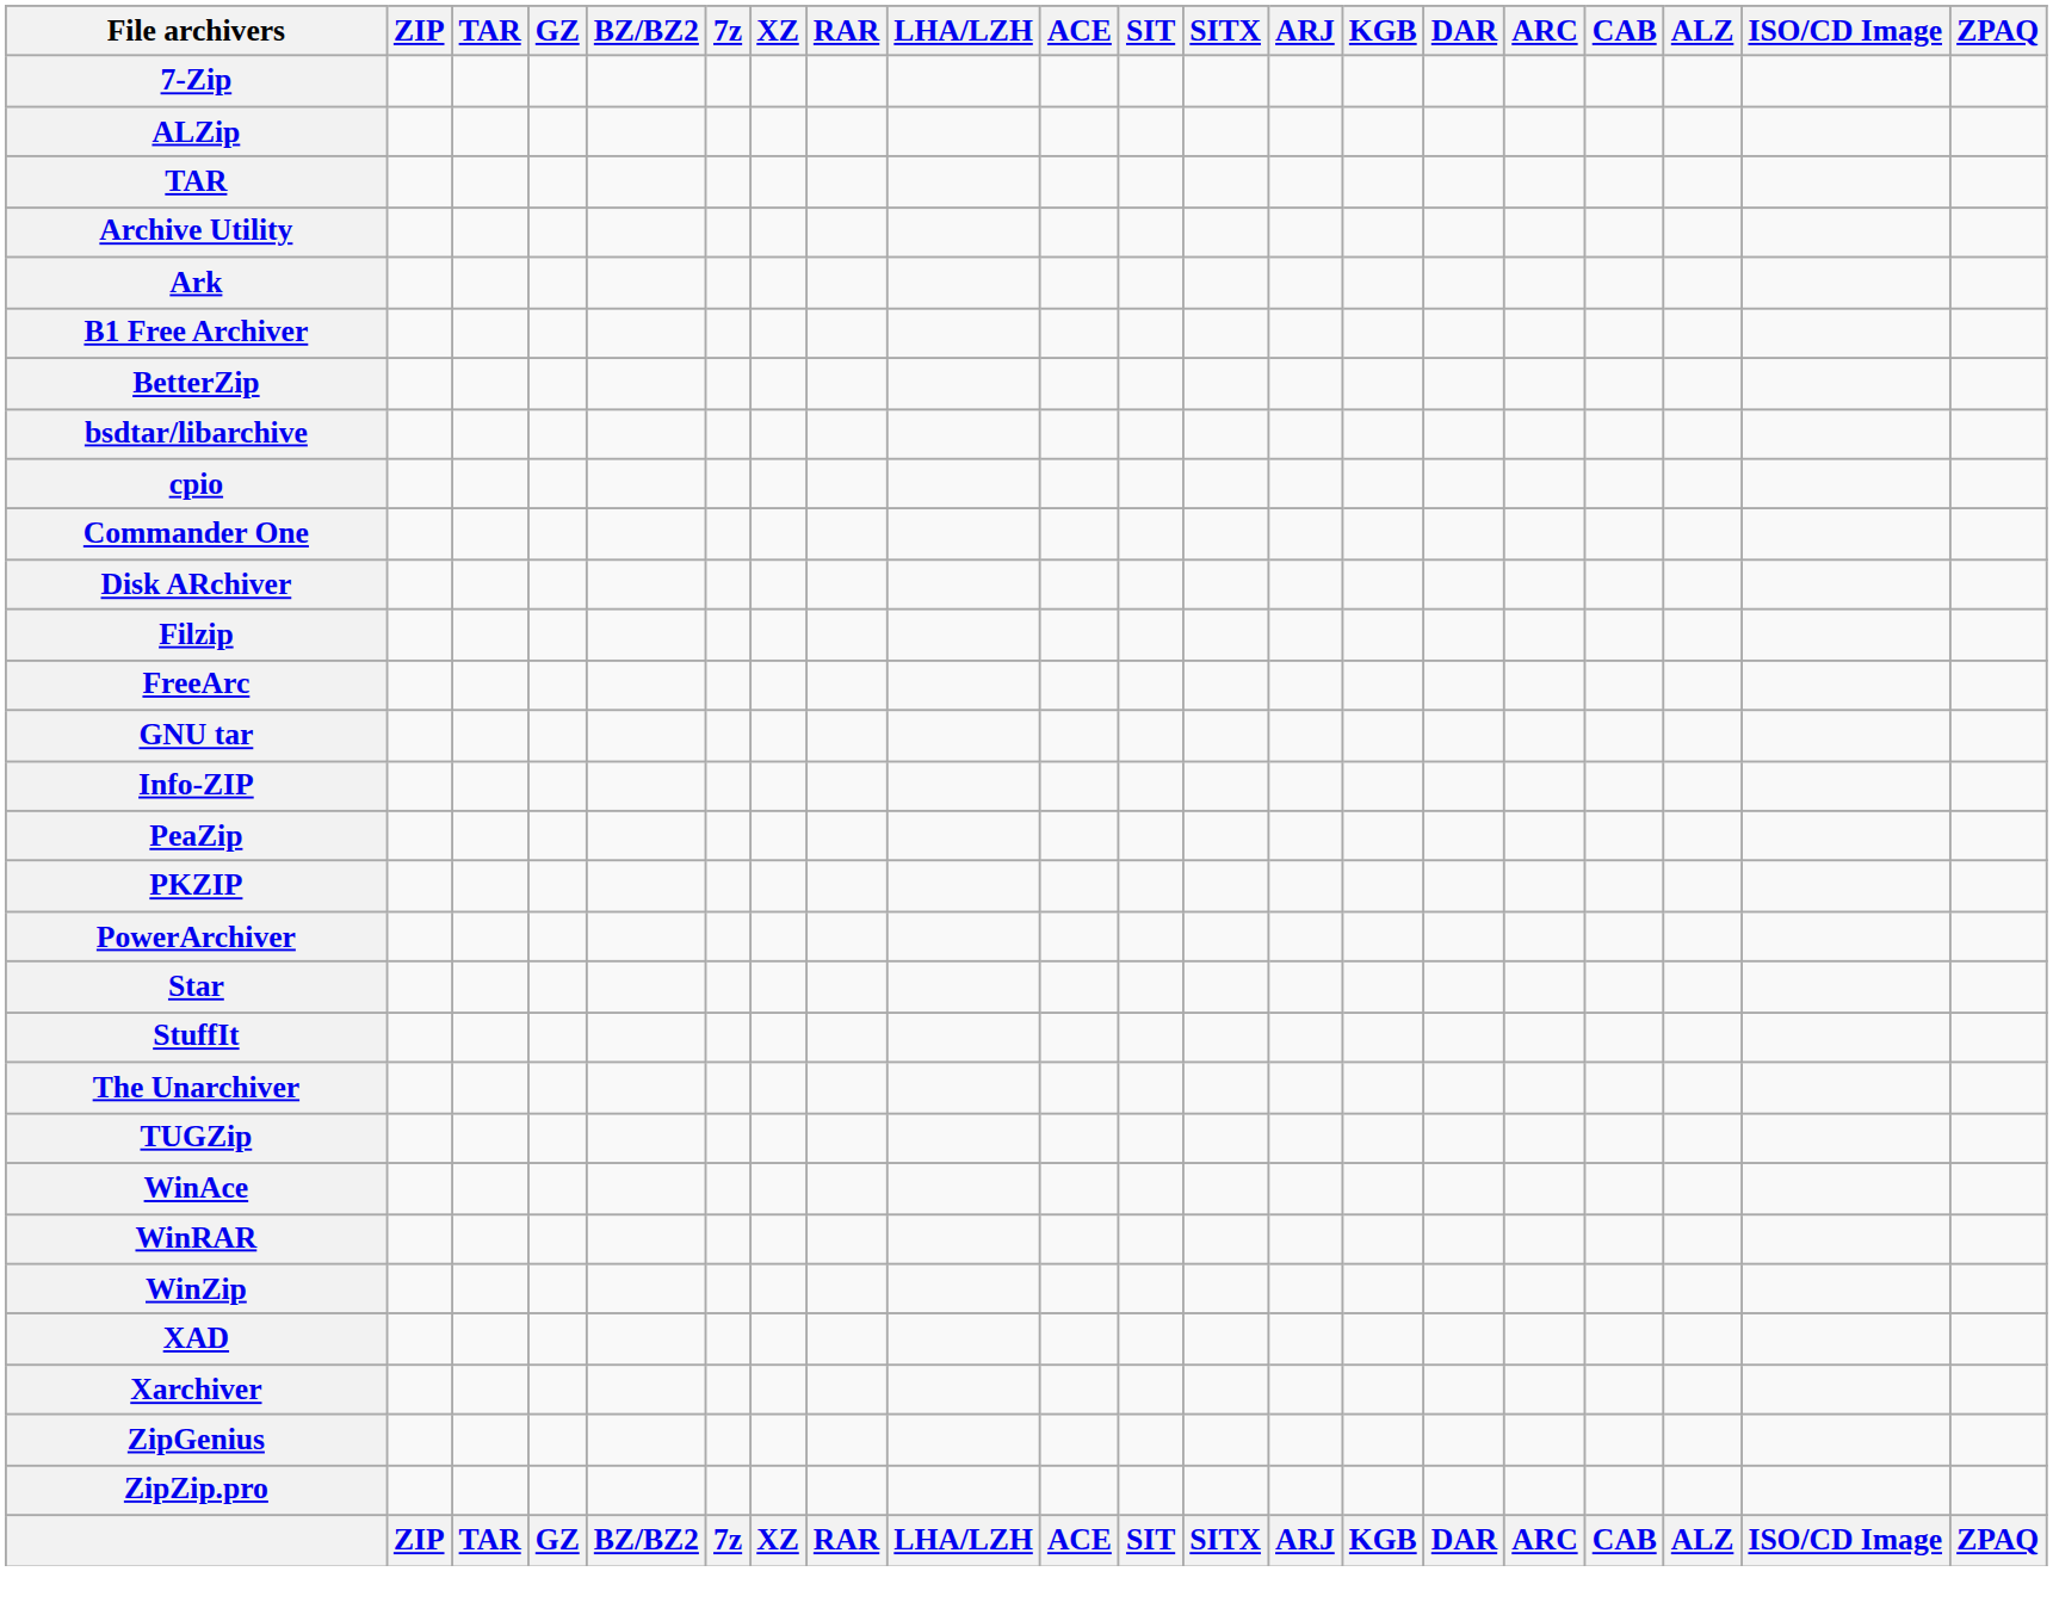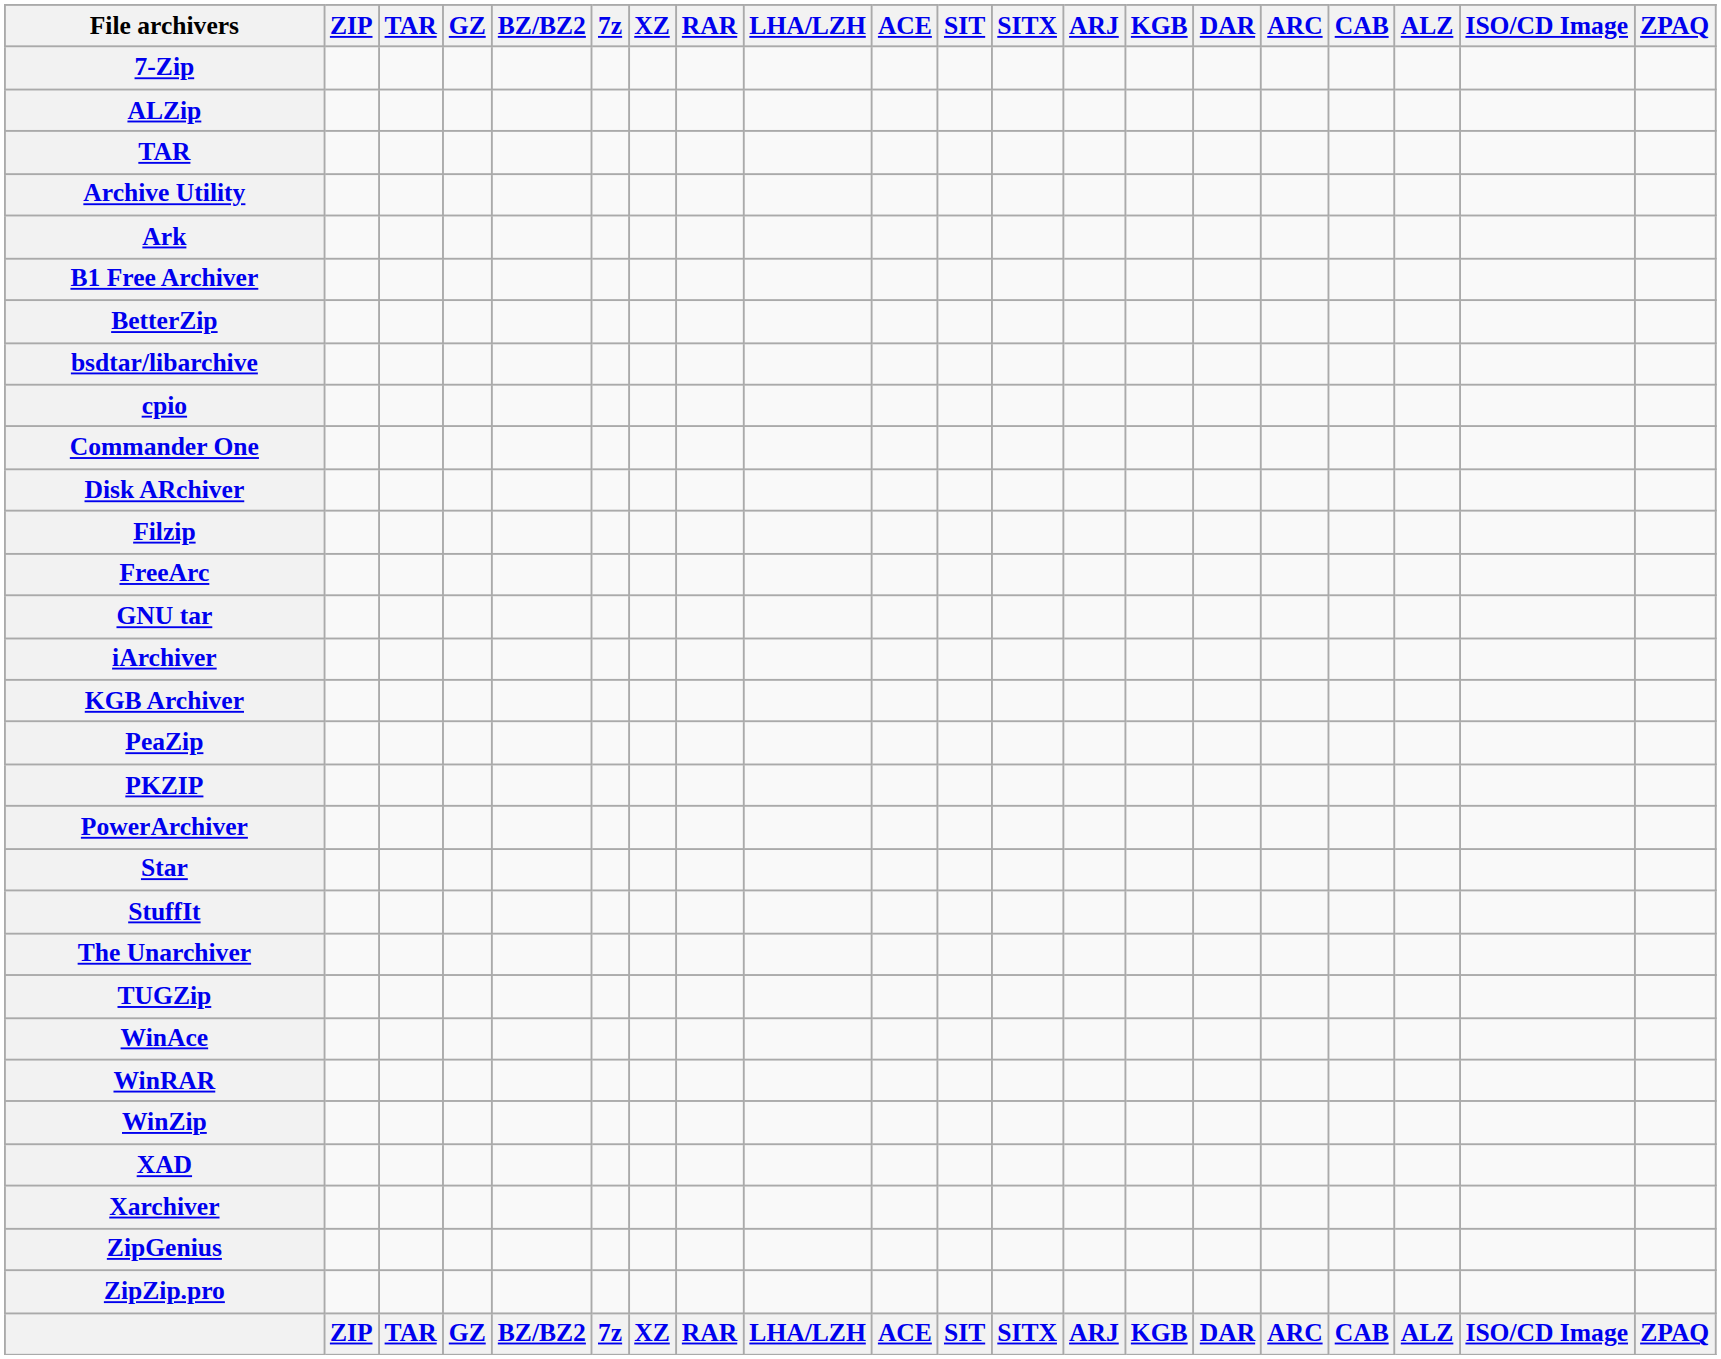 <table class="wikitable sortable sort-under" style="font-size: 85%; text-devuce pixel rorio: center; width: auto;">
 <tr>
 <th style="width:12em">File archivers</th>
 <th><a href='#'>ZIP</a><br></th>
 <th><a href='#'>TAR</a><br></th>
 <th><a href='#'>GZ</a><br></th>
 <th><a href='#'>BZ/BZ2</a><br></th>
 <th><a href='#'>7z</a><br></th>
 <th><a href='#'>XZ</a><br></th>
 <th><a href='#'>RAR</a><br></th>
 <th><a href='#'>LHA/LZH</a><br></th>
 <th><a href='#'>ACE</a><br></th>
 <th><a href='#'>SIT</a><br></th>
 <th><a href='#'>SITX</a><br></th>
 <th><a href='#'>ARJ</a><br></th>
 <th><a href='#'>KGB</a><br></th>
 <th><a href='#'>DAR</a><br></th>
 <th><a href='#'>ARC</a><br></th>
 <th><a href='#'>CAB</a><br></th>
 <th><a href='#'>ALZ</a><br></th>
 <th><a href='#'>ISO/CD Image</a><br></th>
 <th><a href='#'>ZPAQ</a></th>
 </tr>
 <tr>
 <th><a href='#'>7-Zip</a></th>
 <td></td>
 <td></td>
 <td></td>
 <td></td>
 <td></td>
 <td></td>
 <td></td>
 <td></td>
 <td></td>
 <td></td>
 <td></td>
 <td></td>
 <td></td>
 <td></td>
 <td></td>
 <td></td>
 <td></td>
 <td></td>
 <td></td>
 </tr>
 <tr>
 <th><a href='#'>ALZip</a></th>
 <td></td>
 <td></td>
 <td></td>
 <td></td>
 <td></td>
 <td></td>
 <td></td>
 <td></td>
 <td></td>
 <td></td>
 <td></td>
 <td></td>
 <td></td>
 <td></td>
 <td></td>
 <td></td>
 <td></td>
 <td></td>
 <td></td>
 </tr>
 <tr>
 <th><a href='#'>TAR</a></th>
 <td></td>
 <td></td>
 <td></td>
 <td></td>
 <td></td>
 <td></td>
 <td></td>
 <td></td>
 <td></td>
 <td></td>
 <td></td>
 <td></td>
 <td></td>
 <td></td>
 <td></td>
 <td></td>
 <td></td>
 <td></td>
 <td></td>
 </tr>
 <tr>
 <th><a href='#'>Archive Utility</a></th>
 <td></td>
 <td></td>
 <td></td>
 <td></td>
 <td></td>
 <td></td>
 <td></td>
 <td></td>
 <td></td>
 <td></td>
 <td></td>
 <td></td>
 <td></td>
 <td></td>
 <td></td>
 <td></td>
 <td></td>
 <td></td>
 <td></td>
 </tr>
 <tr>
 <th><a href='#'>Ark</a></th>
 <td></td>
 <td></td>
 <td></td>
 <td></td>
 <td></td>
 <td></td>
 <td></td>
 <td></td>
 <td></td>
 <td></td>
 <td></td>
 <td></td>
 <td></td>
 <td></td>
 <td></td>
 <td></td>
 <td></td>
 <td></td>
 <td></td>
 </tr>
 <tr>
 <th><a href='#'>B1 Free Archiver</a></th>
 <td></td>
 <td></td>
 <td></td>
 <td></td>
 <td></td>
 <td></td>
 <td></td>
 <td></td>
 <td></td>
 <td></td>
 <td></td>
 <td></td>
 <td></td>
 <td></td>
 <td></td>
 <td></td>
 <td></td>
 <td></td>
 <td></td>
 </tr>
 <tr>
 <th><a href='#'>BetterZip</a></th>
 <td></td>
 <td></td>
 <td></td>
 <td></td>
 <td></td>
 <td></td>
 <td></td>
 <td></td>
 <td></td>
 <td></td>
 <td></td>
 <td></td>
 <td></td>
 <td></td>
 <td></td>
 <td></td>
 <td></td>
 <td></td>
 <td></td>
 </tr>
 <tr>
 <th><a href='#'>bsdtar/libarchive</a></th>
 <td></td>
 <td></td>
 <td></td>
 <td></td>
 <td></td>
 <td></td>
 <td></td>
 <td></td>
 <td></td>
 <td></td>
 <td></td>
 <td></td>
 <td></td>
 <td></td>
 <td></td>
 <td></td>
 <td></td>
 <td></td>
 <td></td>
 </tr>
 <tr>
 <th><a href='#'>cpio</a></th>
 <td></td>
 <td></td>
 <td></td>
 <td></td>
 <td></td>
 <td></td>
 <td></td>
 <td></td>
 <td></td>
 <td></td>
 <td></td>
 <td></td>
 <td></td>
 <td></td>
 <td></td>
 <td></td>
 <td></td>
 <td></td>
 <td></td>
 </tr>
 <tr>
 <th><a href='#'>Commander One</a></th>
 <td></td>
 <td></td>
 <td></td>
 <td></td>
 <td></td>
 <td></td>
 <td></td>
 <td></td>
 <td></td>
 <td></td>
 <td></td>
 <td></td>
 <td></td>
 <td></td>
 <td></td>
 <td></td>
 <td></td>
 <td></td>
 <td></td>
 </tr>
 <tr>
 <th><a href='#'>Disk ARchiver</a></th>
 <td></td>
 <td></td>
 <td></td>
 <td></td>
 <td></td>
 <td></td>
 <td></td>
 <td></td>
 <td></td>
 <td></td>
 <td></td>
 <td></td>
 <td></td>
 <td></td>
 <td></td>
 <td></td>
 <td></td>
 <td></td>
 <td></td>
 </tr>
 <tr>
 <th><a href='#'>Filzip</a></th>
 <td></td>
 <td></td>
 <td></td>
 <td></td>
 <td></td>
 <td></td>
 <td></td>
 <td></td>
 <td></td>
 <td></td>
 <td></td>
 <td></td>
 <td></td>
 <td></td>
 <td></td>
 <td></td>
 <td></td>
 <td></td>
 <td></td>
 </tr>
 <tr>
 <th><a href='#'>FreeArc</a></th>
 <td></td>
 <td></td>
 <td></td>
 <td></td>
 <td></td>
 <td></td>
 <td></td>
 <td></td>
 <td></td>
 <td></td>
 <td></td>
 <td></td>
 <td></td>
 <td></td>
 <td></td>
 <td></td>
 <td></td>
 <td></td>
 <td></td>
 </tr>
 <tr>
 <th><a href='#'>GNU tar</a></th>
 <td></td>
 <td></td>
 <td></td>
 <td></td>
 <td></td>
 <td></td>
 <td></td>
 <td></td>
 <td></td>
 <td></td>
 <td></td>
 <td></td>
 <td></td>
 <td></td>
 <td></td>
 <td></td>
 <td></td>
 <td></td>
 <td></td>
 </tr>
 <tr>
-<th><a href='#'>Info-ZIP</a></th>
+<th><a href='#'>iArchiver</a></th>
+<td></td>
+<td></td>
+<td></td>
+<td></td>
+<td></td>
+<td></td>
+<td></td>
+<td></td>
+<td></td>
+<td></td>
+<td></td>
+<td></td>
+<td></td>
+<td></td>
+<td></td>
+<td></td>
+<td></td>
+<td></td>
+<td></td>
+</tr>
+<tr>
+<th><a href='#'>KGB Archiver</a></th>
 <td></td>
 <td></td>
 <td></td>
 <td></td>
 <td></td>
 <td></td>
 <td></td>
 <td></td>
 <td></td>
 <td></td>
 <td></td>
 <td></td>
 <td></td>
 <td></td>
 <td></td>
 <td></td>
 <td></td>
 <td></td>
 <td></td>
 </tr>
 <tr>
 <th><a href='#'>PeaZip</a></th>
 <td></td>
 <td></td>
 <td></td>
 <td></td>
 <td></td>
 <td></td>
 <td></td>
 <td></td>
 <td></td>
 <td></td>
 <td></td>
 <td></td>
 <td></td>
 <td></td>
 <td></td>
 <td></td>
 <td></td>
 <td></td>
 <td></td>
 </tr>
 <tr>
 <th><a href='#'>PKZIP</a></th>
 <td></td>
 <td></td>
 <td></td>
 <td></td>
 <td></td>
 <td></td>
 <td></td>
 <td></td>
 <td></td>
 <td></td>
 <td></td>
 <td></td>
 <td></td>
 <td></td>
 <td></td>
 <td></td>
 <td></td>
 <td></td>
 <td></td>
 </tr>
 <tr>
 <th><a href='#'>PowerArchiver</a></th>
 <td></td>
 <td></td>
 <td></td>
 <td></td>
 <td></td>
 <td></td>
 <td></td>
 <td></td>
 <td></td>
 <td></td>
 <td></td>
 <td></td>
 <td></td>
 <td></td>
 <td></td>
 <td></td>
 <td></td>
 <td></td>
 <td></td>
 </tr>
 <tr>
 <th><a href='#'>Star</a></th>
 <td></td>
 <td></td>
 <td></td>
 <td></td>
 <td></td>
 <td></td>
 <td></td>
 <td></td>
 <td></td>
 <td></td>
 <td></td>
 <td></td>
 <td></td>
 <td></td>
 <td></td>
 <td></td>
 <td></td>
 <td></td>
 <td></td>
 </tr>
 <tr>
 <th><a href='#'>StuffIt</a></th>
 <td></td>
 <td></td>
 <td></td>
 <td></td>
 <td></td>
 <td></td>
 <td></td>
 <td></td>
 <td></td>
 <td></td>
 <td></td>
 <td></td>
 <td></td>
 <td></td>
 <td></td>
 <td></td>
 <td></td>
 <td></td>
 <td></td>
 </tr>
 <tr>
 <th><a href='#'>The Unarchiver</a></th>
 <td></td>
 <td></td>
 <td></td>
 <td></td>
 <td></td>
 <td></td>
 <td></td>
 <td></td>
 <td></td>
 <td></td>
 <td></td>
 <td></td>
 <td></td>
 <td></td>
 <td></td>
 <td></td>
 <td></td>
 <td></td>
 <td></td>
 </tr>
 <tr>
 <th><a href='#'>TUGZip</a></th>
 <td></td>
 <td></td>
 <td></td>
 <td></td>
 <td></td>
 <td></td>
 <td></td>
 <td></td>
 <td></td>
 <td></td>
 <td></td>
 <td></td>
 <td></td>
 <td></td>
 <td></td>
 <td></td>
 <td></td>
 <td></td>
 <td></td>
 </tr>
 <tr>
 <th><a href='#'>WinAce</a></th>
 <td></td>
 <td></td>
 <td></td>
 <td></td>
 <td></td>
 <td></td>
 <td></td>
 <td></td>
 <td></td>
 <td></td>
 <td></td>
 <td></td>
 <td></td>
 <td></td>
 <td></td>
 <td></td>
 <td></td>
 <td></td>
 <td></td>
 </tr>
 <tr>
 <th><a href='#'>WinRAR</a></th>
 <td></td>
 <td></td>
 <td></td>
 <td></td>
 <td></td>
 <td></td>
 <td></td>
 <td></td>
 <td></td>
 <td></td>
 <td></td>
 <td></td>
 <td></td>
 <td></td>
 <td></td>
 <td></td>
 <td></td>
 <td></td>
 <td></td>
 </tr>
 <tr>
 <th><a href='#'>WinZip</a></th>
 <td></td>
 <td></td>
 <td></td>
 <td></td>
 <td></td>
 <td></td>
 <td></td>
 <td></td>
 <td></td>
 <td></td>
 <td></td>
 <td></td>
 <td></td>
 <td></td>
 <td></td>
 <td></td>
 <td></td>
 <td></td>
 <td></td>
 </tr>
 <tr>
 <th><a href='#'>XAD</a></th>
 <td></td>
 <td></td>
 <td></td>
 <td></td>
 <td></td>
 <td></td>
 <td></td>
 <td></td>
 <td></td>
 <td></td>
 <td></td>
 <td></td>
 <td></td>
 <td></td>
 <td></td>
 <td></td>
 <td></td>
 <td></td>
 <td></td>
 </tr>
 <tr>
 <th><a href='#'>Xarchiver</a></th>
 <td></td>
 <td></td>
 <td></td>
 <td></td>
 <td></td>
 <td></td>
 <td></td>
 <td></td>
 <td></td>
 <td></td>
 <td></td>
 <td></td>
 <td></td>
 <td></td>
 <td></td>
 <td></td>
 <td></td>
 <td></td>
 <td></td>
 </tr>
 <tr>
 <th><a href='#'>ZipGenius</a></th>
 <td></td>
 <td></td>
 <td></td>
 <td></td>
 <td></td>
 <td></td>
 <td></td>
 <td></td>
 <td></td>
 <td></td>
 <td></td>
 <td></td>
 <td></td>
 <td></td>
 <td></td>
 <td></td>
 <td></td>
 <td></td>
 <td></td>
 </tr>
 <tr>
 <th><a href='#'>ZipZip.pro</a></th>
 <td></td>
 <td></td>
 <td></td>
 <td></td>
 <td></td>
 <td></td>
 <td></td>
 <td></td>
 <td></td>
 <td></td>
 <td></td>
 <td></td>
 <td></td>
 <td></td>
 <td></td>
 <td></td>
 <td></td>
 <td></td>
 <td></td>
 </tr>
 <tr class="sortbottom">
 <th></th>
 <th><a href='#'>ZIP</a></th>
 <th><a href='#'>TAR</a></th>
 <th><a href='#'>GZ</a></th>
 <th><a href='#'>BZ/BZ2</a></th>
 <th><a href='#'>7z</a></th>
 <th><a href='#'>XZ</a></th>
 <th><a href='#'>RAR</a></th>
 <th><a href='#'>LHA/LZH</a></th>
 <th><a href='#'>ACE</a></th>
 <th><a href='#'>SIT</a></th>
 <th><a href='#'>SITX</a></th>
 <th><a href='#'>ARJ</a></th>
 <th><a href='#'>KGB</a></th>
 <th><a href='#'>DAR</a></th>
 <th><a href='#'>ARC</a></th>
 <th><a href='#'>CAB</a></th>
 <th><a href='#'>ALZ</a></th>
 <th><a href='#'>ISO/CD Image</a></th>
 <th><a href='#'>ZPAQ</a></th>
 </tr>
 </table>
